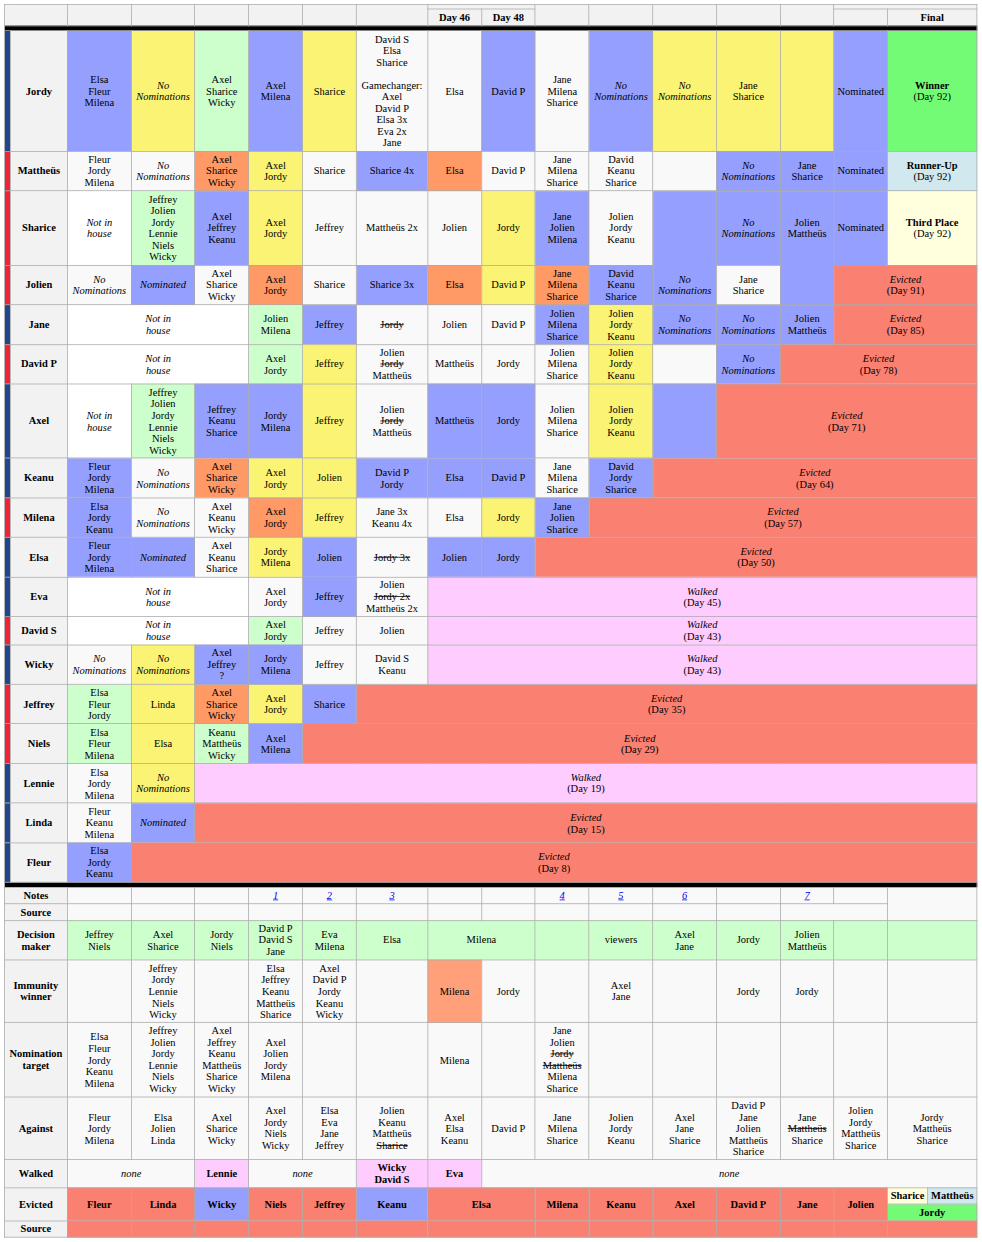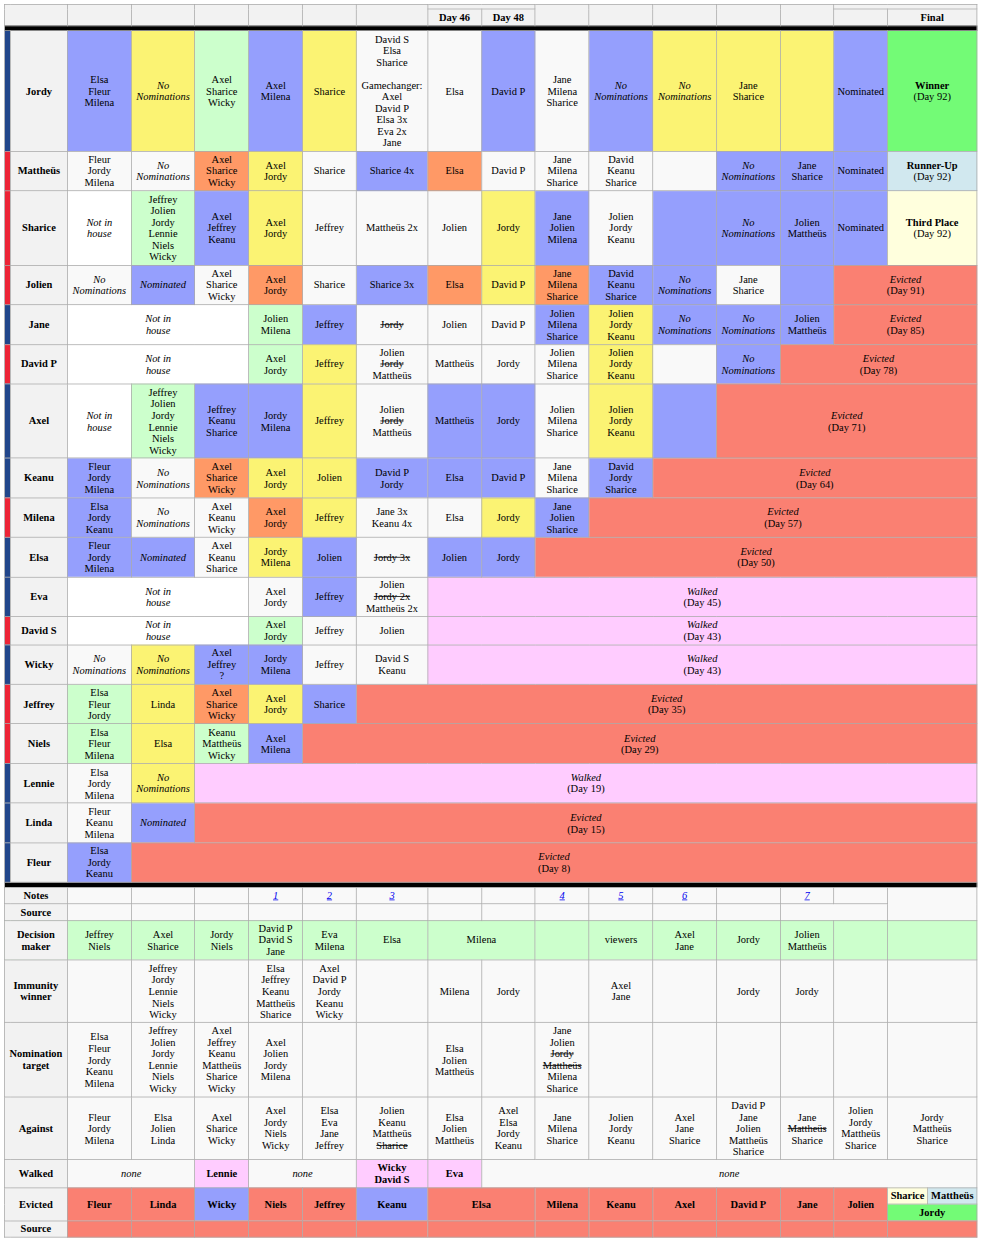 <table class="wikitable" style="text-align:center; width:100%; font-size:85%; line-height:15px">
 <tr>
 <th colspan="2" rowspan="2" style="width:5%"></th>
 <th rowspan="2" style="width:5%"></th>
 <th rowspan="2" style="width:5%"></th>
 <th rowspan="2" style="width:5%"></th>
 <th rowspan="2" style="width:5%"></th>
 <th rowspan="2" style="width:5%"></th>
 <th rowspan="2" style="width:5%"></th>
 <th colspan="2" style="width:5%"></th>
 <th rowspan="2" style="width:5%"></th>
 <th rowspan="2" style="width:5%"></th>
 <th rowspan="2" style="width:5%"></th>
 <th rowspan="2" style="width:5%"></th>
 <th rowspan="2" style="width:5%"></th>
 <th colspan="3" style="width:5%"></th>
 </tr>
 <tr>
 <th style="width: 5%;">Day 46</th>
 <th style="width: 5%;">Day 48</th>
 <th></th>
 <th colspan="2">Final</th>
 </tr>
 <tr>
 <th colspan="100%" style="background:#000;"></th>
 </tr>
 <tr>
 <td style="background:#21468B"></td>
 <th>Jordy</th>
 <td style="background:#959FFD;">Elsa <br> Fleur <br> Milena</td>
 <td style="background:#FBF373;"><em>No <br>Nominations</em></td>
 <td style="background:#cfc;">Axel <br> Sharice <br> Wicky</td>
 <td style="background:#959FFD;">Axel <br> Milena</td>
 <td style="background:#FBF373;">Sharice</td>
 <td>David S <br> Elsa <br> Sharice <br><br>Gamechanger:<br> Axel <br> David P <br> Elsa 3x <br> Eva 2x <br> Jane</td>
 <td>Elsa</td>
 <td style="background:#959FFD;">David P</td>
 <td>Jane <br> Milena <br> Sharice</td>
 <td style="background:#959FFD;"><em>No <br>Nominations</em></td>
 <td style="background:#FBF373;"><em>No <br>Nominations</em></td>
 <td style="background:#FBF373;">Jane <br> Sharice</td>
 <td style="background:#FBF373;"></td>
 <td style="background:#959FFD;">Nominated</td>
 <td colspan="2" style="background:#73FB76"><strong>Winner</strong><br>(Day 92)</td>
 </tr>
 <tr>
 <td style="background:#ED2436"></td>
 <th>Mattheüs</th>
 <td>Fleur <br> Jordy <br> Milena</td>
 <td><em>No <br>Nominations</em></td>
 <td style="background:#FF9966;">Axel  <br> Sharice <br> Wicky</td>
 <td style="background:#FBF373;">Axel <br> Jordy</td>
 <td>Sharice</td>
 <td style="background:#959FFD;">Sharice 4x</td>
 <td style="background:#FF9966;">Elsa</td>
 <td>David P</td>
 <td>Jane <br> Milena <br> Sharice</td>
 <td>David <br> Keanu <br> Sharice</td>
 <td></td>
 <td style="background:#959FFD;"><em>No <br>Nominations</em></td>
 <td style="background:#959FFD;">Jane <br> Sharice</td>
 <td style="background:#959FFD;">Nominated</td>
 <td colspan="2" style="background:#D1E8EF"><strong>Runner-Up</strong><br>(Day 92)</td>
 </tr>
 <tr>
 <td style="background:#ED2436"></td>
 <th>Sharice</th>
 <td style="background:white;"><em>Not in <br>house</em></td>
 <td style="background:#cfc;">Jeffrey <br> Jolien <br> Jordy <br> Lennie <br> Niels <br> Wicky</td>
 <td style="background:#959FFD;">Axel <br> Jeffrey <br> Keanu</td>
 <td style="background:#FBF373;">Axel <br> Jordy</td>
 <td>Jeffrey</td>
 <td>Mattheüs 2x</td>
 <td>Jolien</td>
 <td style="background:#FBF373;">Jordy</td>
 <td style="background:#959FFD;">Jane <br> Jolien <br> Milena</td>
 <td>Jolien <br> Jordy <br> Keanu</td>
 <td style="background:#959FFD;"></td>
 <td style="background:#959FFD;"><em>No <br>Nominations</em></td>
 <td style="background:#959FFD;">Jolien <br> Mattheüs</td>
 <td style="background:#959FFD;">Nominated</td>
 <td colspan="2" style="background:#FFFFDD;"><strong>Third Place</strong><br>(Day 92)</td>
 </tr>
 <tr>
 <td style="background:#ED2436"></td>
 <th>Jolien</th>
 <td><em>No <br>Nominations</em></td>
 <td style="background:#959FFD;"><em>Nominated</em></td>
 <td>Axel <br> Sharice <br> Wicky</td>
 <td style="background:#FF9966;">Axel <br> Jordy</td>
 <td>Sharice</td>
 <td style="background:#959FFD;">Sharice 3x</td>
 <td style="background:#FF9966;">Elsa</td>
 <td style="background:#FBF373;">David P</td>
 <td style="background:#FF9966;">Jane <br> Milena <br> Sharice</td>
 <td style="background:#959FFD;">David <br> Keanu <br> Sharice</td>
 <td style="background:#959FFD;"><em>No <br>Nominations</em></td>
 <td>Jane <br> Sharice</td>
 <td style="background:#959FFD;"></td>
 <td colspan="100%" style="background:salmon;" align="center"><em>Evicted</em><br>(Day 91)</td>
 </tr>
 <tr>
 <td style="background:#21468B"></td>
 <th>Jane</th>
 <td colspan="3" style="background:white;"><em>Not in <br>house</em></td>
 <td style="background:#cfc;">Jolien <br> Milena</td>
 <td style="background:#959FFD;">Jeffrey</td>
 <td><s> Jordy </s></td>
 <td>Jolien</td>
 <td>David P</td>
 <td style="background:#959FFD;">Jolien <br> Milena <br> Sharice</td>
 <td style="background:#FBF373;">Jolien <br> Jordy <br> Keanu</td>
 <td style="background:#959FFD;"><em>No <br>Nominations</em></td>
 <td style="background:#959FFD;"><em>No <br>Nominations</em></td>
 <td style="background:#959FFD;">Jolien <br> Mattheüs</td>
 <td colspan="100%" style="background:salmon;" align="center"><em>Evicted</em><br>(Day 85)</td>
 </tr>
 <tr>
 <td style="background:#ED2436"></td>
 <th>David P</th>
 <td colspan="3" style="background:white;"><em>Not in <br>house</em></td>
 <td style="background:#cfc;">Axel <br> Jordy</td>
 <td style="background:#FBF373;">Jeffrey</td>
 <td>Jolien <br> <s> Jordy </s><br> Mattheüs</td>
 <td>Mattheüs</td>
 <td>Jordy</td>
 <td>Jolien <br> Milena <br> Sharice</td>
 <td style="background:#FBF373;">Jolien <br> Jordy <br> Keanu</td>
 <td></td>
 <td style="background:#959FFD;"><em>No <br>Nominations</em></td>
 <td colspan="100%" style="background:salmon;" align="center"><em>Evicted</em><br>(Day 78)</td>
 </tr>
 <tr>
 <td style="background:#21468B"></td>
 <th>Axel</th>
 <td style="background:white;"><em>Not in <br>house</em></td>
 <td style="background:#cfc;">Jeffrey <br> Jolien <br> Jordy <br> Lennie <br> Niels <br> Wicky</td>
 <td style="background:#959FFD;">Jeffrey <br> Keanu <br> Sharice</td>
 <td style="background:#959FFD;">Jordy <br> Milena</td>
 <td style="background:#FBF373;">Jeffrey</td>
 <td>Jolien <br><s> Jordy </s><br> Mattheüs</td>
 <td style="background:#959FFD;">Mattheüs</td>
 <td style="background:#959FFD;">Jordy</td>
 <td>Jolien <br> Milena <br> Sharice</td>
 <td style="background:#FBF373;">Jolien <br> Jordy <br> Keanu</td>
 <td style="background:#959FFD;"></td>
 <td colspan="100%" style="background:salmon;" align="center"><em>Evicted</em><br>(Day 71)</td>
 </tr>
 <tr>
 <td style="background:#21468B"></td>
 <th>Keanu</th>
 <td style="background:#959FFD;">Fleur <br> Jordy <br> Milena</td>
 <td><em>No <br>Nominations</em></td>
 <td style="background:#FF9966;">Axel <br> Sharice <br> Wicky</td>
 <td style="background:#FBF373;">Axel <br> Jordy</td>
 <td style="background:#FBF373;">Jolien</td>
 <td style="background:#959FFD;">David P <br> Jordy</td>
 <td style="background:#959FFD;">Elsa</td>
 <td style="background:#959FFD;">David P</td>
 <td>Jane <br> Milena <br> Sharice</td>
 <td style="background:#959FFD;">David <br> Jordy <br> Sharice</td>
 <td colspan="100%" style="background:salmon;" align="center"><em>Evicted</em><br>(Day 64)</td>
 </tr>
 <tr>
 <td style="background:#ED2436"></td>
 <th>Milena</th>
 <td style="background:#959FFD;">Elsa <br> Jordy <br> Keanu</td>
 <td><em>No <br>Nominations</em></td>
 <td>Axel <br> Keanu <br> Wicky</td>
 <td style="background:#FF9966;">Axel <br> Jordy</td>
 <td style="background:#FBF373;">Jeffrey</td>
 <td>Jane 3x <br> Keanu 4x</td>
 <td>Elsa</td>
 <td style="background:#FBF373;">Jordy</td>
 <td style="background:#959FFD;">Jane <br> Jolien <br>Sharice</td>
 <td colspan="100%" style="background:salmon;" align="center"><em>Evicted</em><br>(Day 57)</td>
 </tr>
 <tr>
 <td style="background:#21468B"></td>
 <th>Elsa</th>
 <td style="background:#959FFD;">Fleur <br> Jordy <br> Milena</td>
 <td style="background:#959FFD;"><em>Nominated</em></td>
 <td>Axel <br> Keanu <br> Sharice</td>
 <td style="background:#FBF373;">Jordy <br> Milena</td>
 <td style="background:#959FFD;">Jolien</td>
 <td><s>Jordy 3x</s></td>
 <td style="background:#959FFD;">Jolien</td>
 <td style="background:#959FFD;">Jordy</td>
 <td colspan="100%" style="background:salmon;" align="center"><em>Evicted</em><br>(Day 50)</td>
 </tr>
 <tr>
 <td style="background:#21468B"></td>
 <th>Eva</th>
 <td colspan="3" style="background:white;"><em>Not in <br>house</em></td>
 <td>Axel <br> Jordy</td>
 <td style="background:#959FFD;">Jeffrey</td>
 <td>Jolien <br><s> Jordy 2x </s><br> Mattheüs 2x</td>
 <td colspan="100%"  style="background:#fcf"><em>Walked</em><br>(Day 45)</td>
 </tr>
 <tr>
 <td style="background:#ED2436"></td>
 <th>David S</th>
 <td colspan="3" style="background:white;"><em>Not in <br>house</em></td>
 <td style="background:#cfc;">Axel <br> Jordy</td>
 <td>Jeffrey</td>
 <td>Jolien</td>
 <td colspan="100%"  style="background:#fcf"><em>Walked</em><br>(Day 43)</td>
 </tr>
 <tr>
 <td style="background:#21468B"></td>
 <th>Wicky</th>
 <td><em>No <br>Nominations</em></td>
 <td style="background:#FBF373;"><em>No <br>Nominations</em></td>
 <td style="background:#959FFD;">Axel <br> Jeffrey <br> ?</td>
 <td style="background:#959FFD;">Jordy <br> Milena</td>
 <td>Jeffrey</td>
 <td>David S <br> Keanu</td>
 <td colspan="100%"  style="background:#fcf"><em>Walked</em><br>(Day 43)</td>
 </tr>
 <tr>
 <td style="background:#ED2436"></td>
 <th>Jeffrey</th>
 <td style="background:#cfc;">Elsa <br> Fleur <br> Jordy</td>
 <td style="background:#FBF373;">Linda</td>
 <td style="background:#FF9966;">Axel <br> Sharice <br> Wicky</td>
 <td style="background:#FBF373;">Axel <br> Jordy</td>
 <td style="background:#959FFD;">Sharice</td>
 <td colspan="100%" style="background:salmon;" align="center"><em>Evicted</em><br>(Day 35)</td>
 </tr>
 <tr>
 <td style="background:#ED2436"></td>
 <th>Niels</th>
 <td style="background:#cfc;">Elsa <br> Fleur <br> Milena</td>
 <td style="background:#FBF373;">Elsa</td>
 <td style="background:#cfc;">Keanu <br> Mattheüs <br> Wicky</td>
 <td style="background:#959FFD;">Axel <br> Milena</td>
 <td colspan="100%" style="background:salmon;" align="center"><em>Evicted</em><br>(Day 29)</td>
 </tr>
 <tr>
 <td style="background:#21468B"></td>
 <th>Lennie</th>
 <td>Elsa <br> Jordy <br> Milena</td>
 <td style="background:#FBF373;"><em>No <br>Nominations</em></td>
 <td colspan="100%"  style="background:#fcf"><em>Walked</em><br>(Day 19)</td>
 </tr>
 <tr>
 <td style="background:#21468B"></td>
 <th>Linda</th>
 <td>Fleur <br> Keanu <br> Milena</td>
 <td style="background:#959FFD;"><em>Nominated</em></td>
 <td colspan="100%" style="background:salmon;" align="center"><em>Evicted</em><br>(Day 15)</td>
 </tr>
 <tr>
 <td style="background:#21468B"></td>
 <th>Fleur</th>
 <td style="background:#959FFD;">Elsa <br> Jordy <br> Keanu</td>
 <td colspan="100%" style="background:salmon;" align="center"><em>Evicted</em><br>(Day 8)</td>
 </tr>
 <tr>
 <th colspan="100%" style="background:#000;"></th>
 </tr>
 <tr>
 <th colspan="2">Notes</th>
 <td></td>
 <td></td>
 <td></td>
 <td><em><a href='#'>1</a></em></td>
 <td><em><a href='#'>2</a></em></td>
 <td><em><a href='#'>3</a></em></td>
 <td></td>
 <td></td>
 <td><em><a href='#'>4</a></em></td>
 <td><em><a href='#'>5</a></em></td>
 <td><em><a href='#'>6</a></em></td>
 <td></td>
 <td><em><a href='#'>7</a></em></td>
 <td></td>
 </tr>
 <tr>
 <th colspan="2">Source</th>
 <td></td>
 <td></td>
 <td></td>
 <td></td>
 <td></td>
 <td></td>
 <td></td>
 <td></td>
 <td></td>
 <td></td>
 <td></td>
 <td></td>
 <td colspan="2"></td>
 </tr>
 <tr style="background:#cfc;|">
 <th colspan="2">Decision maker</th>
 <td>Jeffrey <br> Niels</td>
 <td>Axel <br> Sharice</td>
 <td>Jordy <br> Niels</td>
 <td>David P <br> David S <br> Jane</td>
 <td>Eva <br> Milena</td>
 <td>Elsa</td>
 <td colspan="2">Milena</td>
 <td></td>
 <td>viewers</td>
 <td>Axel <br> Jane</td>
 <td>Jordy</td>
 <td>Jolien <br> Mattheüs</td>
 <td></td>
 <td colspan="2"></td>
 </tr>
 <tr>
 <th colspan="2">Immunity winner</th>
 <td></td>
 <td>Jeffrey <br> Jordy <br> Lennie <br> Niels <br> Wicky</td>
 <td></td>
 <td>Elsa <br> Jeffrey <br> Keanu <br> Mattheüs <br> Sharice</td>
 <td>Axel <br> David P <br> Jordy <br> Keanu <br> Wicky</td>
 <td></td>
-<td style="background: lightsalmon;">Milena</td>
+<td>Milena</td>
 <td>Jordy</td>
 <td></td>
 <td>Axel <br> Jane</td>
 <td></td>
 <td>Jordy</td>
 <td>Jordy</td>
 <td></td>
 <td colspan="2"></td>
 </tr>
 <tr>
 <th colspan="2">Nomination target</th>
 <td>Elsa <br> Fleur <br> Jordy <br> Keanu <br> Milena</td>
 <td>Jeffrey <br> Jolien <br> Jordy <br> Lennie <br> Niels <br> Wicky</td>
 <td>Axel <br> Jeffrey <br> Keanu <br> Mattheüs <br> Sharice <br> Wicky</td>
 <td>Axel <br> Jolien <br> Jordy <br> Milena</td>
 <td></td>
 <td></td>
-<td>Milena</td>
+<td>Elsa <br> Jolien <br> Mattheüs</td>
 <td></td>
 <td>Jane <br> Jolien <br> <s> Jordy </s><br> <s>Mattheüs </s><br> Milena <br> Sharice</td>
 <td></td>
 <td></td>
 <td></td>
 <td></td>
 <td></td>
 <td colspan="2"></td>
 </tr>
 <tr>
 <th colspan="2">Against<br></th>
 <td>Fleur <br>Jordy <br>Milena</td>
 <td>Elsa <br> Jolien <br> Linda</td>
 <td>Axel <br> Sharice <br> Wicky</td>
 <td>Axel <br> Jordy <br> Niels <br> Wicky</td>
 <td>Elsa <br> Eva <br> Jane <br> Jeffrey</td>
 <td>Jolien <br> Keanu <br> Mattheüs <br> <s> Sharice </s></td>
-<td>Axel <br> Elsa <br> Keanu</td>
-<td>David P</td>
+<td>Elsa <br> Jolien <br> Mattheüs</td>
+<td>Axel <br> Elsa <br> Jordy <br> Keanu</td>
 <td>Jane <br> Milena <br> Sharice</td>
 <td>Jolien <br> Jordy <br> Keanu</td>
 <td>Axel <br> Jane <br> Sharice</td>
 <td>David P <br> Jane <br> Jolien <br> Mattheüs <br> Sharice</td>
 <td>Jane <br><s> Mattheüs </s><br> Sharice</td>
 <td>Jolien <br> Jordy <br> Mattheüs <br> Sharice</td>
 <td colspan="2">Jordy <br> Mattheüs <br> Sharice</td>
 </tr>
 <tr>
 <th colspan="2">Walked</th>
 <td colspan="2"><em>none</em></td>
 <td style="background:#fcf"><strong>Lennie</strong></td>
 <td colspan="2"><em>none</em></td>
 <td style="background:#fcf"><strong>Wicky<br>David S</strong></td>
 <td style="background:#fcf"><strong>Eva</strong></td>
 <td colspan="9"><em>none</em></td>
 </tr>
 <tr>
 <th rowspan=2 colspan="2">Evicted</th>
 <td rowspan=2  style="background:salmon;"><strong>Fleur</strong><br></td>
 <td rowspan=2  style="background:salmon;"><strong>Linda</strong><br></td>
 <td rowspan=2  style="background:#959FFD;"><strong>Wicky</strong><br></td>
 <td rowspan=2  style="background:salmon;"><strong>Niels</strong><br></td>
 <td rowspan=2  style="background:salmon;"><strong>Jeffrey</strong><br></td>
 <td rowspan=2  style="background:#959FFD;"><strong>Keanu</strong><br></td>
 <td rowspan=2  colspan="2" style="background:salmon;"><strong>Elsa</strong><br></td>
 <td rowspan=2  style="background:salmon;"><strong>Milena</strong><br></td>
 <td rowspan=2  style="background:salmon;"><strong>Keanu</strong><br></td>
 <td rowspan=2  style="background:salmon;"><strong>Axel</strong><br></td>
 <td rowspan=2  style="background:salmon;"><strong>David P</strong><br></td>
 <td rowspan=2  style="background:salmon;"><strong>Jane</strong><br></td>
 <td rowspan=2 style="background:salmon;"><strong>Jolien</strong><br></td>
 <td style="background:#FFFFDD;"><strong>Sharice</strong><br></td>
 <td style="background:#D1E8EF"><strong>Mattheüs</strong><br></td>
 </tr>
 <tr>
 <td colspan=2 style="background:#73FB76"><strong>Jordy</strong><br></td>
 </tr>
 <tr>
 <th colspan="2">Source</th>
 <td style="background:salmon;"></td>
 <td style="background:salmon;"></td>
 <td style="background:salmon;"></td>
 <td style="background:salmon;"></td>
 <td style="background:salmon;"></td>
 <td style="background:salmon;"></td>
 <td colspan=2 style="background:salmon;"></td>
 <td style="background:salmon;"></td>
 <td style="background:salmon;"></td>
 <td style="background:salmon;"></td>
 <td style="background:salmon;"></td>
 <td style="background:salmon;"></td>
 <td style="background:salmon;"></td>
 <td colspan=2 style="background:salmon;"></td>
 </tr>
 </table>
